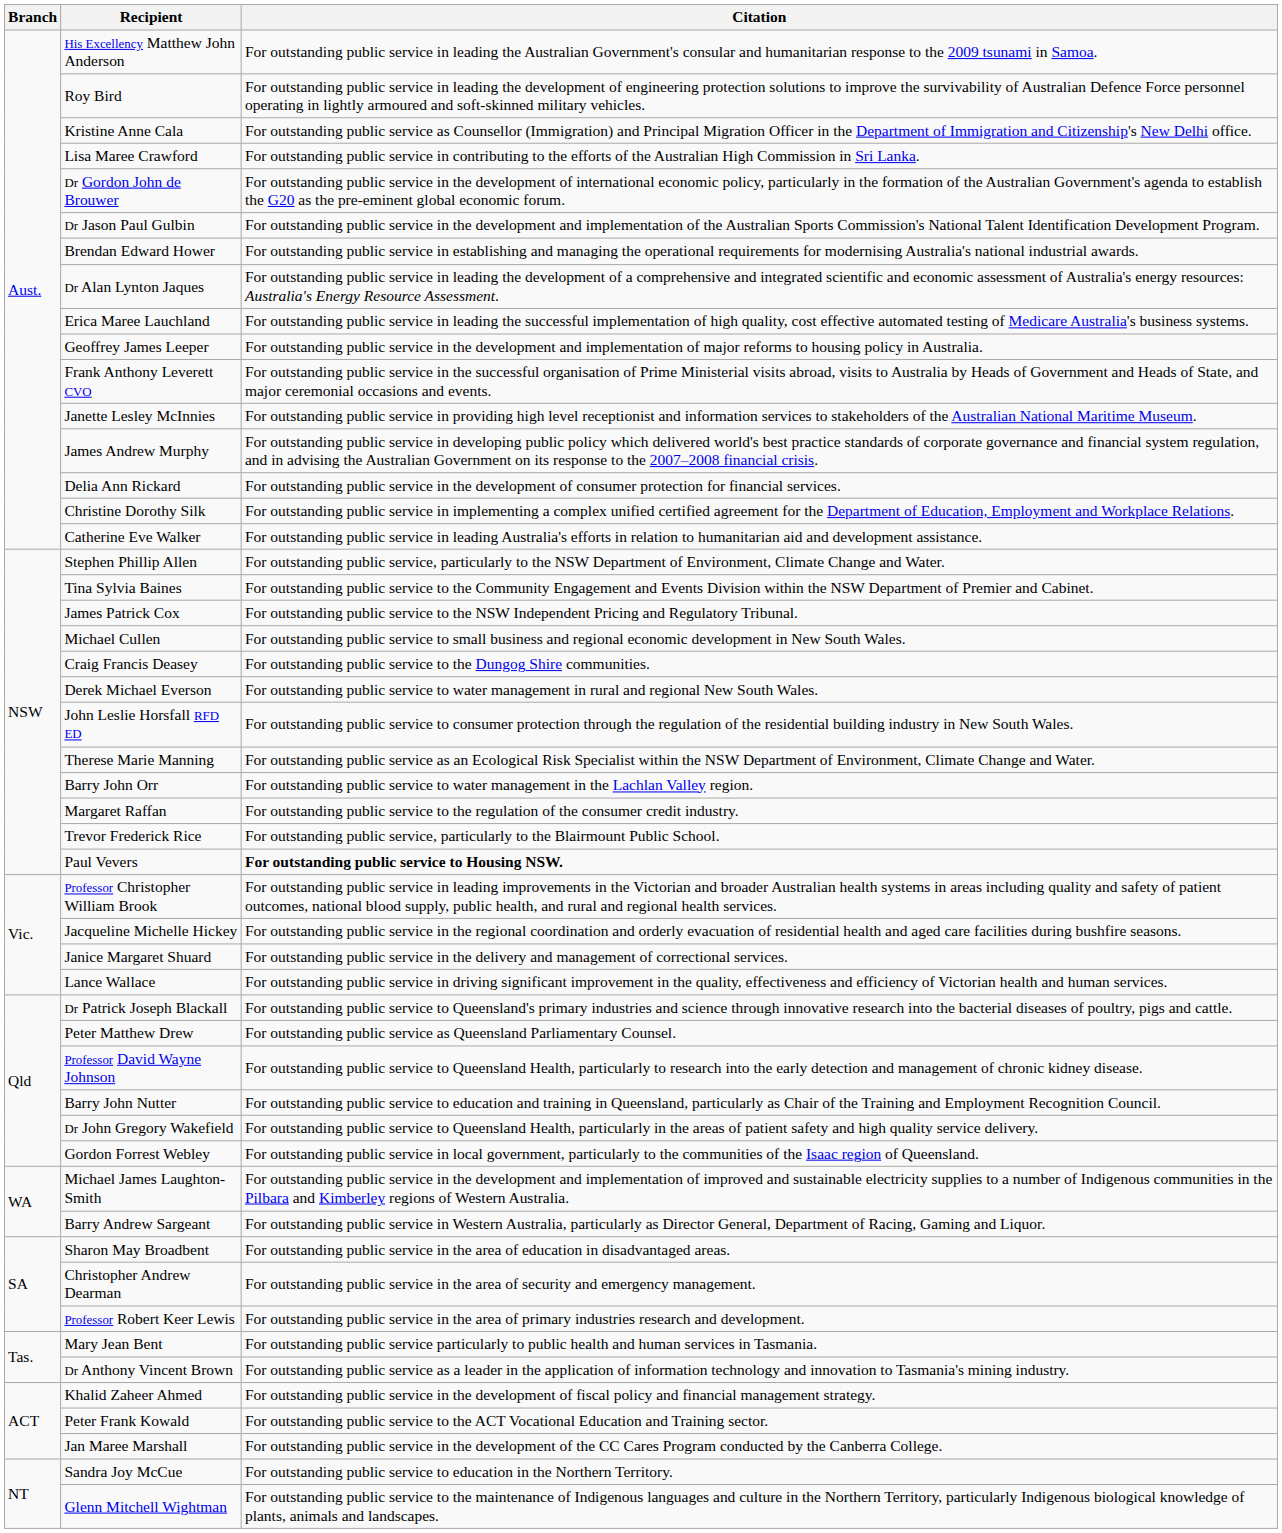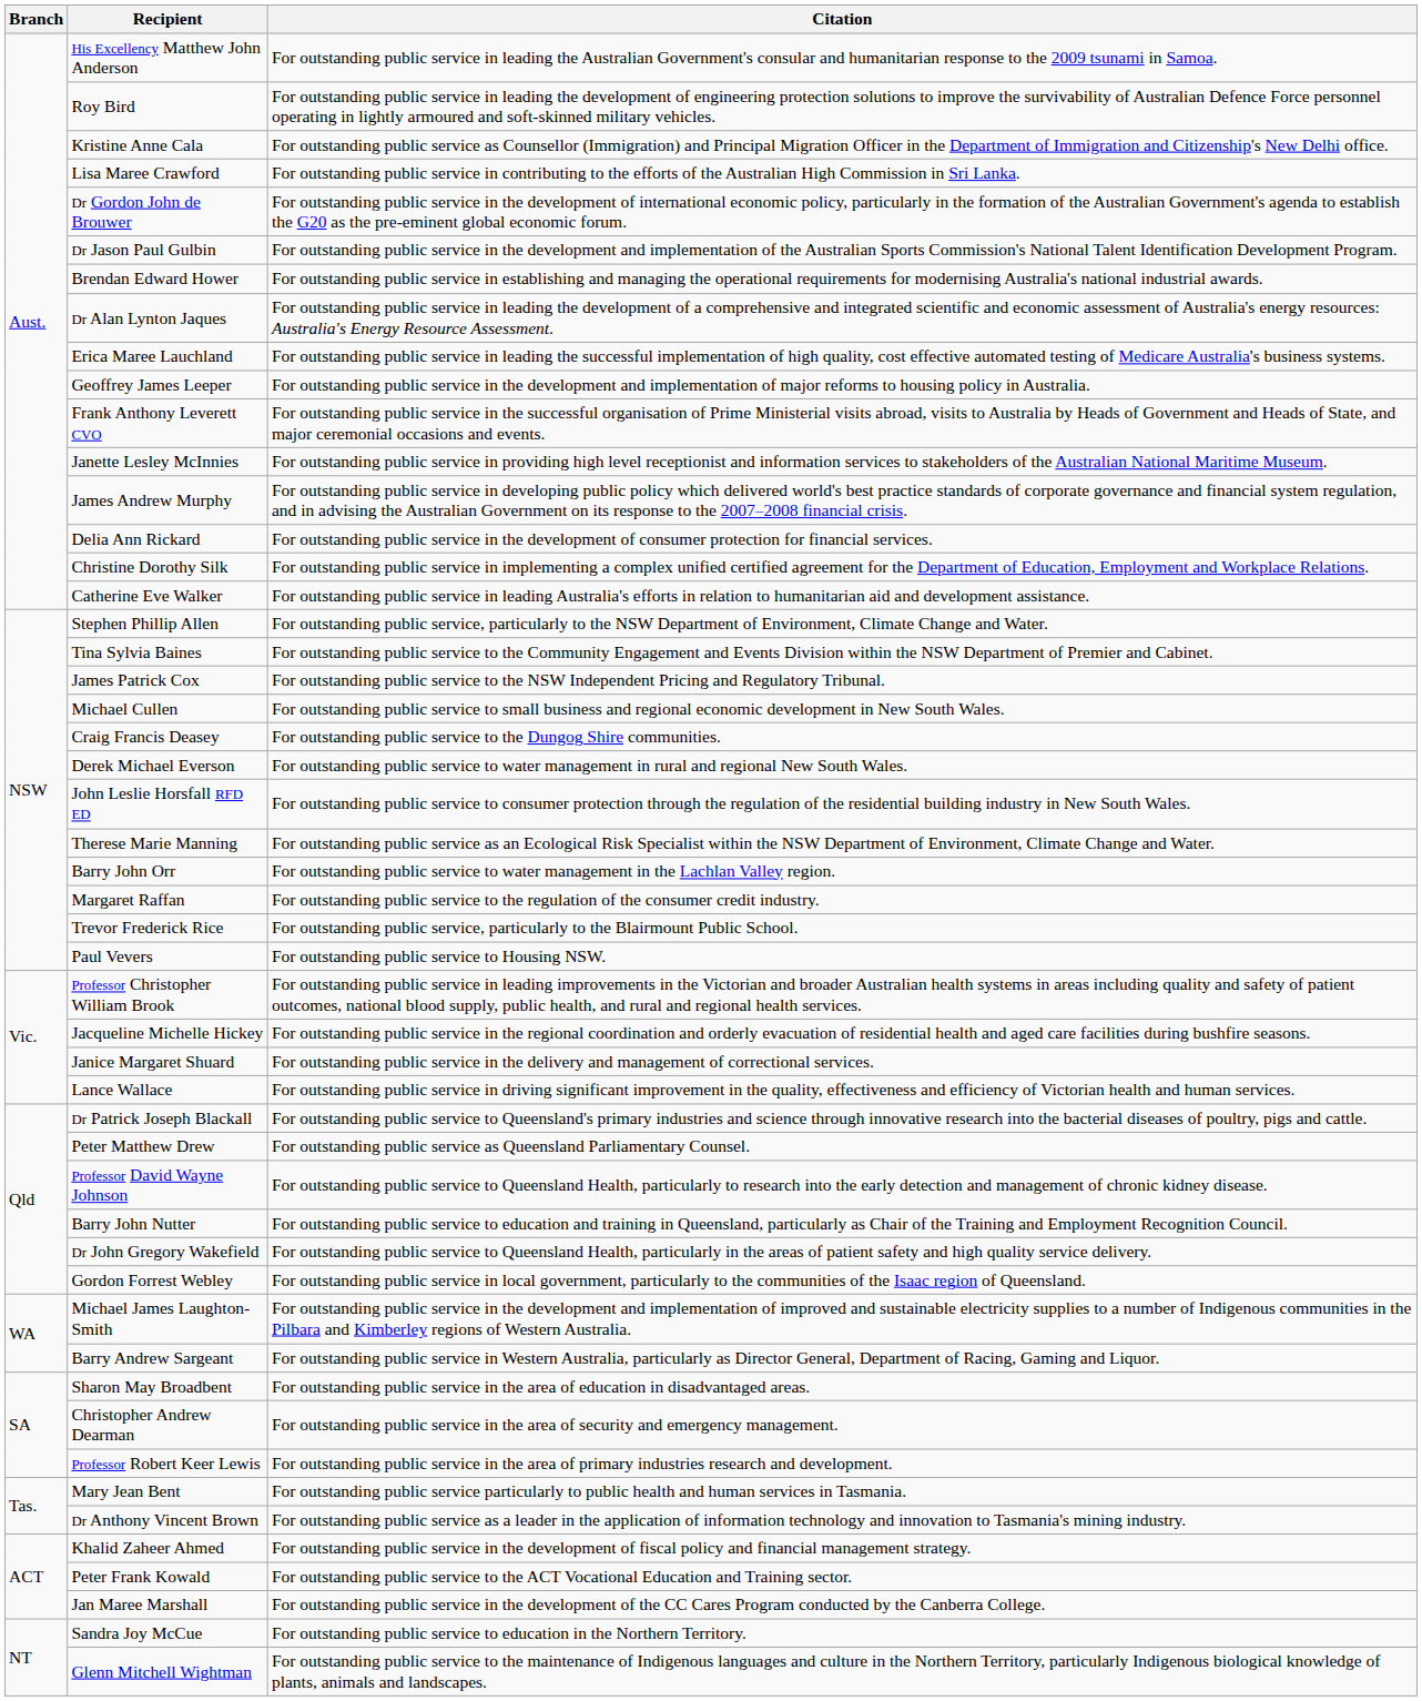 <table class="wikitable" style="font-size:95%;">
 <tr>
 <th>Branch</th>
 <th>Recipient</th>
 <th>Citation</th>
 </tr>
 <tr>
 <td rowspan="16"><a href='#'>Aust.</a></td>
 <td><small><a href='#'>His Excellency</a></small> Matthew John Anderson</td>
 <td>For outstanding public service in leading the Australian Government's consular and humanitarian response to the <a href='#'>2009 tsunami</a> in <a href='#'>Samoa</a>.</td>
 </tr>
 <tr>
 <td>Roy Bird</td>
 <td>For outstanding public service in leading the development of engineering protection solutions to improve the survivability of Australian Defence Force personnel operating in lightly armoured and soft-skinned military vehicles.</td>
 </tr>
 <tr>
 <td>Kristine Anne Cala</td>
 <td>For outstanding public service as Counsellor (Immigration) and Principal Migration Officer in the <a href='#'>Department of Immigration and Citizenship</a>'s <a href='#'>New Delhi</a> office.</td>
 </tr>
 <tr>
 <td>Lisa Maree Crawford</td>
 <td>For outstanding public service in contributing to the efforts of the Australian High Commission in <a href='#'>Sri Lanka</a>.</td>
 </tr>
 <tr>
 <td><small>Dr</small> <a href='#'>Gordon John de Brouwer</a></td>
 <td>For outstanding public service in the development of international economic policy, particularly in the formation of the Australian Government's agenda to establish the <a href='#'>G20</a> as the pre-eminent global economic forum.</td>
 </tr>
 <tr>
 <td><small>Dr</small> Jason Paul Gulbin</td>
 <td>For outstanding public service in the development and implementation of the Australian Sports Commission's National Talent Identification Development Program.</td>
 </tr>
 <tr>
 <td>Brendan Edward Hower</td>
 <td>For outstanding public service in establishing and managing the operational requirements for modernising Australia's national industrial awards.</td>
 </tr>
 <tr>
 <td><small>Dr</small> Alan Lynton Jaques</td>
 <td>For outstanding public service in leading the development of a comprehensive and integrated scientific and economic assessment of Australia's energy resources: <em>Australia's Energy Resource Assessment</em>.</td>
 </tr>
 <tr>
 <td>Erica Maree Lauchland</td>
 <td>For outstanding public service in leading the successful implementation of high quality, cost effective automated testing of <a href='#'>Medicare Australia</a>'s business systems.</td>
 </tr>
 <tr>
 <td>Geoffrey James Leeper</td>
 <td>For outstanding public service in the development and implementation of major reforms to housing policy in Australia.</td>
 </tr>
 <tr>
 <td>Frank Anthony Leverett <small><a href='#'>CVO</a></small></td>
 <td>For outstanding public service in the successful organisation of Prime Ministerial visits abroad, visits to Australia by Heads of Government and Heads of State, and major ceremonial occasions and events.</td>
 </tr>
 <tr>
 <td>Janette Lesley McInnies</td>
 <td>For outstanding public service in providing high level receptionist and information services to stakeholders of the <a href='#'>Australian National Maritime Museum</a>.</td>
 </tr>
 <tr>
 <td>James Andrew Murphy</td>
 <td>For outstanding public service in developing public policy which delivered world's best practice standards of corporate governance and financial system regulation, and in advising the Australian Government on its response to the <a href='#'>2007–2008 financial crisis</a>.</td>
 </tr>
 <tr>
 <td>Delia Ann Rickard</td>
 <td>For outstanding public service in the development of consumer protection for financial services.</td>
 </tr>
 <tr>
 <td>Christine Dorothy Silk</td>
 <td>For outstanding public service in implementing a complex unified certified agreement for the <a href='#'>Department of Education, Employment and Workplace Relations</a>.</td>
 </tr>
 <tr>
 <td>Catherine Eve Walker</td>
 <td>For outstanding public service in leading Australia's efforts in relation to humanitarian aid and development assistance.</td>
 </tr>
 <tr>
 <td rowspan="12">NSW</td>
 <td>Stephen Phillip Allen</td>
 <td>For outstanding public service, particularly to the NSW Department of Environment, Climate Change and Water.</td>
 </tr>
 <tr>
 <td>Tina Sylvia Baines</td>
 <td>For outstanding public service to the Community Engagement and Events Division within the NSW Department of Premier and Cabinet.</td>
 </tr>
 <tr>
 <td>James Patrick Cox</td>
 <td>For outstanding public service to the NSW Independent Pricing and Regulatory Tribunal.</td>
 </tr>
 <tr>
 <td>Michael Cullen</td>
 <td>For outstanding public service to small business and regional economic development in New South Wales.</td>
 </tr>
 <tr>
 <td>Craig Francis Deasey</td>
 <td>For outstanding public service to the <a href='#'>Dungog Shire</a> communities.</td>
 </tr>
 <tr>
 <td>Derek Michael Everson</td>
 <td>For outstanding public service to water management in rural and regional New South Wales.</td>
 </tr>
 <tr>
 <td>John Leslie Horsfall <small><a href='#'>RFD</a> <a href='#'>ED</a></small></td>
 <td>For outstanding public service to consumer protection through the regulation of the residential building industry in New South Wales.</td>
 </tr>
 <tr>
 <td>Therese Marie Manning</td>
 <td>For outstanding public service as an Ecological Risk Specialist within the NSW Department of Environment, Climate Change and Water.</td>
 </tr>
 <tr>
 <td>Barry John Orr</td>
 <td>For outstanding public service to water management in the <a href='#'>Lachlan Valley</a> region.</td>
 </tr>
 <tr>
 <td>Margaret Raffan</td>
 <td>For outstanding public service to the regulation of the consumer credit industry.</td>
 </tr>
 <tr>
 <td>Trevor Frederick Rice</td>
 <td>For outstanding public service, particularly to the Blairmount Public School.</td>
 </tr>
 <tr>
 <td>Paul Vevers</td>
-<td><strong>For outstanding public service to Housing NSW.</strong></td>
+<td>For outstanding public service to Housing NSW.</td>
 </tr>
 <tr>
 <td rowspan="4">Vic.</td>
 <td><small><a href='#'>Professor</a></small> Christopher William Brook</td>
 <td>For outstanding public service in leading improvements in the Victorian and broader Australian health systems in areas including quality and safety of patient outcomes, national blood supply, public health, and rural and regional health services.</td>
 </tr>
 <tr>
 <td>Jacqueline Michelle Hickey</td>
 <td>For outstanding public service in the regional coordination and orderly evacuation of residential health and aged care facilities during bushfire seasons.</td>
 </tr>
 <tr>
 <td>Janice Margaret Shuard</td>
 <td>For outstanding public service in the delivery and management of correctional services.</td>
 </tr>
 <tr>
 <td>Lance Wallace</td>
 <td>For outstanding public service in driving significant improvement in the quality, effectiveness and efficiency of Victorian health and human services.</td>
 </tr>
 <tr>
 <td rowspan="6">Qld</td>
 <td><small>Dr</small> Patrick Joseph Blackall</td>
 <td>For outstanding public service to Queensland's primary industries and science through innovative research into the bacterial diseases of poultry, pigs and cattle.</td>
 </tr>
 <tr>
 <td>Peter Matthew Drew</td>
 <td>For outstanding public service as Queensland Parliamentary Counsel.</td>
 </tr>
 <tr>
 <td><small><a href='#'>Professor</a></small> <a href='#'>David Wayne Johnson</a></td>
 <td>For outstanding public service to Queensland Health, particularly to research into the early detection and management of chronic kidney disease.</td>
 </tr>
 <tr>
 <td>Barry John Nutter</td>
 <td>For outstanding public service to education and training in Queensland, particularly as Chair of the Training and Employment Recognition Council.</td>
 </tr>
 <tr>
 <td><small>Dr</small> John Gregory Wakefield</td>
 <td>For outstanding public service to Queensland Health, particularly in the areas of patient safety and high quality service delivery.</td>
 </tr>
 <tr>
 <td>Gordon Forrest Webley</td>
 <td>For outstanding public service in local government, particularly to the communities of the <a href='#'>Isaac region</a> of Queensland.</td>
 </tr>
 <tr>
 <td rowspan="2">WA</td>
 <td>Michael James Laughton-Smith</td>
 <td>For outstanding public service in the development and implementation of improved and sustainable electricity supplies to a number of Indigenous communities in the <a href='#'>Pilbara</a> and <a href='#'>Kimberley</a> regions of Western Australia.</td>
 </tr>
 <tr>
 <td>Barry Andrew Sargeant</td>
 <td>For outstanding public service in Western Australia, particularly as Director General, Department of Racing, Gaming and Liquor.</td>
 </tr>
 <tr>
 <td rowspan="3">SA</td>
 <td>Sharon May Broadbent</td>
 <td>For outstanding public service in the area of education in disadvantaged areas.</td>
 </tr>
 <tr>
 <td>Christopher Andrew Dearman</td>
 <td>For outstanding public service in the area of security and emergency management.</td>
 </tr>
 <tr>
 <td><small><a href='#'>Professor</a></small> Robert Keer Lewis</td>
 <td>For outstanding public service in the area of primary industries research and development.</td>
 </tr>
 <tr>
 <td rowspan="2">Tas.</td>
 <td>Mary Jean Bent</td>
 <td>For outstanding public service particularly to public health and human services in Tasmania.</td>
 </tr>
 <tr>
 <td><small>Dr</small> Anthony Vincent Brown</td>
 <td>For outstanding public service as a leader in the application of information technology and innovation to Tasmania's mining industry.</td>
 </tr>
 <tr>
 <td rowspan="3">ACT</td>
 <td>Khalid Zaheer Ahmed</td>
 <td>For outstanding public service in the development of fiscal policy and financial management strategy.</td>
 </tr>
 <tr>
 <td>Peter Frank Kowald</td>
 <td>For outstanding public service to the ACT Vocational Education and Training sector.</td>
 </tr>
 <tr>
 <td>Jan Maree Marshall</td>
 <td>For outstanding public service in the development of the CC Cares Program conducted by the Canberra College.</td>
 </tr>
 <tr>
 <td rowspan="2">NT</td>
 <td>Sandra Joy McCue</td>
 <td>For outstanding public service to education in the Northern Territory.</td>
 </tr>
 <tr>
 <td><a href='#'>Glenn Mitchell Wightman</a></td>
 <td>For outstanding public service to the maintenance of Indigenous languages and culture in the Northern Territory, particularly Indigenous biological knowledge of plants, animals and landscapes.</td>
 </tr>
 </table>
